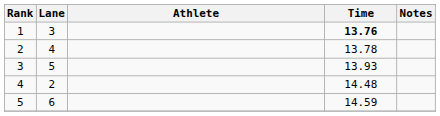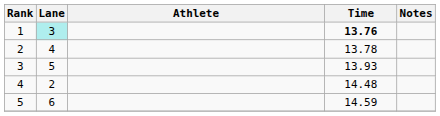 <table class="wikitable" style="text-align:center">
 <tr>
 <th>Rank</th>
 <th>Lane</th>
 <th width=300>Athlete</th>
 <th width=80>Time</th>
 <th>Notes</th>
 </tr>
 <tr>
 <td>1</td>
-<td>3</td>
+<td style="background: paleturquoise;">3</td>
 <td align=left></td>
 <td><strong>13.76</strong></td>
 <td></td>
 </tr>
 <tr>
 <td>2</td>
 <td>4</td>
 <td align=left></td>
 <td>13.78</td>
 <td></td>
 </tr>
 <tr>
 <td>3</td>
 <td>5</td>
 <td align=left></td>
 <td>13.93</td>
 <td></td>
 </tr>
 <tr>
 <td>4</td>
 <td>2</td>
 <td align=left></td>
 <td>14.48</td>
 <td></td>
 </tr>
 <tr>
 <td>5</td>
 <td>6</td>
 <td align=left></td>
 <td>14.59</td>
 <td></td>
 </tr>
 <tr>
 </tr>
 </table>
